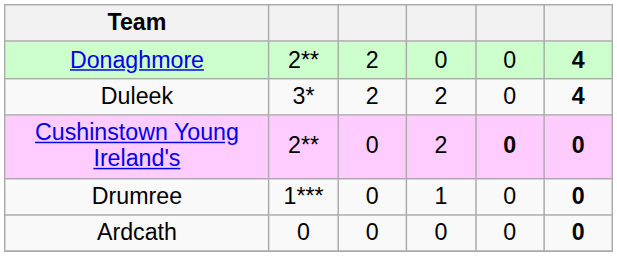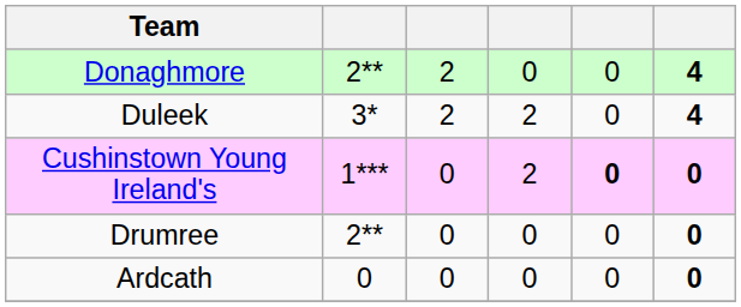 <table class="wikitable" style="text-align:center">
 <tr>
 <th width="175">Team</th>
 <th width="40"></th>
 <th width="40"></th>
 <th width="40"></th>
 <th width="40"></th>
 <th width="40"></th>
 </tr>
 <tr style="background:#cfc;">
 <td><a href='#'>Donaghmore</a></td>
 <td>2**</td>
 <td>2</td>
 <td>0</td>
 <td>0</td>
 <td><strong>4</strong></td>
 </tr>
 <tr>
 <td>Duleek</td>
 <td>3*</td>
 <td>2</td>
 <td>2</td>
 <td>0</td>
 <td><strong>4</strong></td>
 </tr>
 <tr style="background:#fcf;">
 <td><a href='#'>Cushinstown Young Ireland's</a></td>
-<td>2**</td>
+<td>1***</td>
 <td>0</td>
 <td>2</td>
 <td><strong>0</strong></td>
 <td><strong>0</strong></td>
 </tr>
 <tr>
 <td>Drumree</td>
-<td>1***</td>
+<td>2**</td>
 <td>0</td>
-<td>1</td>
+<td>0</td>
 <td>0</td>
 <td><strong>0</strong></td>
 </tr>
 <tr>
 <td>Ardcath</td>
 <td>0</td>
 <td>0</td>
 <td>0</td>
 <td>0</td>
 <td><strong>0</strong></td>
 </tr>
 <tr>
 </tr>
 </table>
